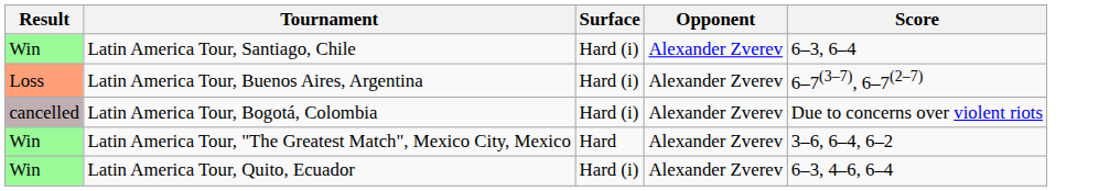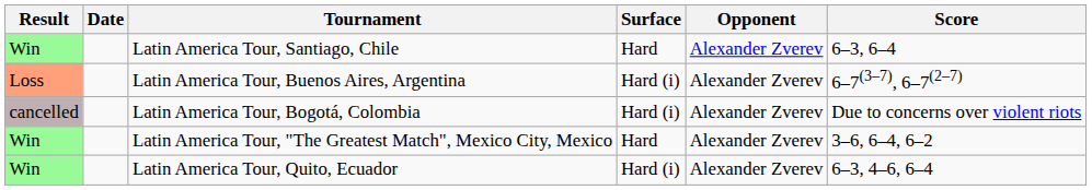 <table class="sortable wikitable">
 <tr>
 <th>Result</th>
+<th>Date</th>
 <th>Tournament</th>
 <th>Surface</th>
 <th>Opponent</th>
 <th class="unsortable">Score</th>
 </tr>
 <tr>
 <td style="background:#98fb98;">Win</td>
+<td></td>
 <td>Latin America Tour, Santiago, Chile</td>
-<td>Hard (i)</td>
+<td>Hard</td>
 <td> <a href='#'>Alexander Zverev</a></td>
 <td>6–3, 6–4</td>
 </tr>
 <tr>
 <td style="background:#ffa07a;">Loss</td>
+<td></td>
 <td>Latin America Tour, Buenos Aires, Argentina</td>
 <td>Hard (i)</td>
 <td> Alexander Zverev</td>
 <td>6–7<sup>(3–7)</sup>, 6–7<sup>(2–7)</sup></td>
 </tr>
 <tr>
 <td style="background:#BFAFB2">cancelled</td>
+<td></td>
 <td>Latin America Tour, Bogotá, Colombia</td>
 <td>Hard (i)</td>
 <td> Alexander Zverev</td>
 <td>Due to concerns over <a href='#'>violent riots</a></td>
 </tr>
 <tr>
 <td style="background:#98fb98;">Win</td>
+<td></td>
 <td>Latin America Tour, "The Greatest Match", Mexico City, Mexico</td>
 <td>Hard</td>
 <td> Alexander Zverev</td>
 <td>3–6, 6–4, 6–2</td>
 </tr>
 <tr>
 <td style="background:#98fb98;">Win</td>
+<td></td>
 <td>Latin America Tour, Quito, Ecuador</td>
 <td>Hard (i)</td>
 <td> Alexander Zverev</td>
 <td>6–3, 4–6, 6–4</td>
 </tr>
 </table>
